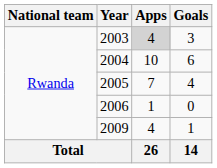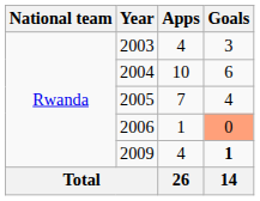 <table class="wikitable" style="text-align:center">
 <tr>
 <th>National team</th>
 <th>Year</th>
 <th>Apps</th>
 <th>Goals</th>
 </tr>
 <tr>
 <td rowspan="5"><a href='#'>Rwanda</a></td>
 <td>2003</td>
-<td style="background: lightgrey;">4</td>
+<td>4</td>
 <td>3</td>
 </tr>
 <tr>
 <td>2004</td>
 <td>10</td>
 <td>6</td>
 </tr>
 <tr>
 <td>2005</td>
 <td>7</td>
 <td>4</td>
 </tr>
 <tr>
 <td>2006</td>
 <td>1</td>
-<td>0</td>
+<td style="background: lightsalmon;">0</td>
 </tr>
 <tr>
 <td>2009</td>
 <td>4</td>
-<td>1</td>
+<td><strong>1</strong></td>
 </tr>
 <tr>
 <th colspan="2">Total</th>
 <th>26</th>
 <th>14</th>
 </tr>
 </table>
